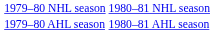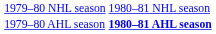 <table>
 <tr>
 <td><a href='#'>1979–80 NHL season</a></td>
 <td><a href='#'>1980–81 NHL season</a></td>
 </tr>
 <tr>
 <td><a href='#'>1979–80 AHL season</a></td>
-<td><a href='#'>1980–81 AHL season</a></td>
+<td><strong><a href='#'>1980–81 AHL season</a></strong></td>
 </tr>
 <tr>
 </tr>
 </table>
